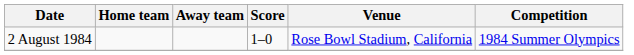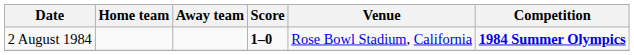 <table class="wikitable">
 <tr>
 <th>Date</th>
 <th>Home team</th>
 <th>Away team</th>
 <th>Score</th>
 <th>Venue</th>
 <th>Competition</th>
 </tr>
 <tr>
 <td>2 August 1984</td>
 <td></td>
 <td></td>
-<td>1–0</td>
+<td><strong>1–0</strong></td>
 <td><a href='#'>Rose Bowl Stadium</a>, <a href='#'>California</a></td>
-<td><a href='#'>1984 Summer Olympics</a></td>
+<td><strong><a href='#'>1984 Summer Olympics</a></strong></td>
 </tr>
 <tr>
 </tr>
 </table>
